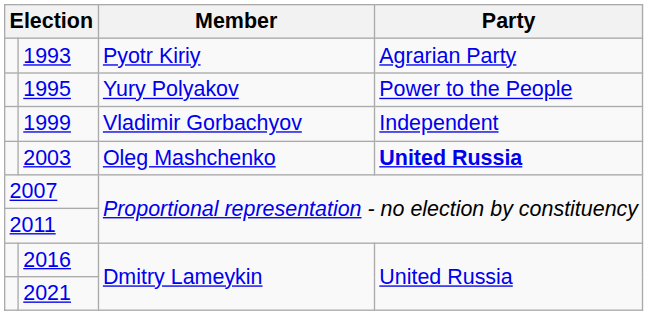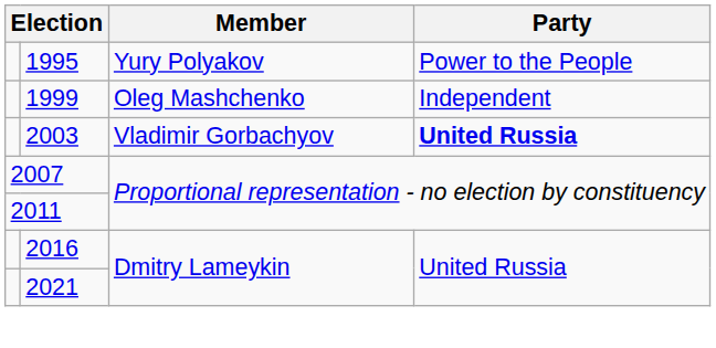 <table class="wikitable">
 <tr>
 <th colspan="2">Election</th>
 <th>Member</th>
 <th>Party</th>
-</tr>
-<tr>
-<td style="background-color: "></td>
-<td><a href='#'>1993</a></td>
-<td><a href='#'>Pyotr Kiriy</a></td>
-<td><a href='#'>Agrarian Party</a></td>
 </tr>
 <tr>
 <td style="background-color: "></td>
 <td><a href='#'>1995</a></td>
 <td><a href='#'>Yury Polyakov</a></td>
 <td><a href='#'>Power to the People</a></td>
 </tr>
 <tr>
 <td style="background-color: "></td>
 <td><a href='#'>1999</a></td>
-<td><a href='#'>Vladimir Gorbachyov</a></td>
+<td><a href='#'>Oleg Mashchenko</a></td>
 <td><a href='#'>Independent</a></td>
 </tr>
 <tr>
 <td style="background-color: "></td>
 <td><a href='#'>2003</a></td>
-<td><a href='#'>Oleg Mashchenko</a></td>
+<td><a href='#'>Vladimir Gorbachyov</a></td>
 <td><strong><a href='#'>United Russia</a></strong></td>
 </tr>
 <tr>
 <td colspan=2><a href='#'>2007</a></td>
 <td colspan=2 rowspan=2><em><a href='#'>Proportional representation</a> - no election by constituency</em></td>
 </tr>
 <tr>
 <td colspan=2><a href='#'>2011</a></td>
 </tr>
 <tr>
 <td style="background-color: "></td>
 <td><a href='#'>2016</a></td>
 <td rowspan=2><a href='#'>Dmitry Lameykin</a></td>
 <td rowspan=2><a href='#'>United Russia</a></td>
 </tr>
 <tr>
 <td style="background-color: "></td>
 <td><a href='#'>2021</a></td>
 </tr>
 </table>
